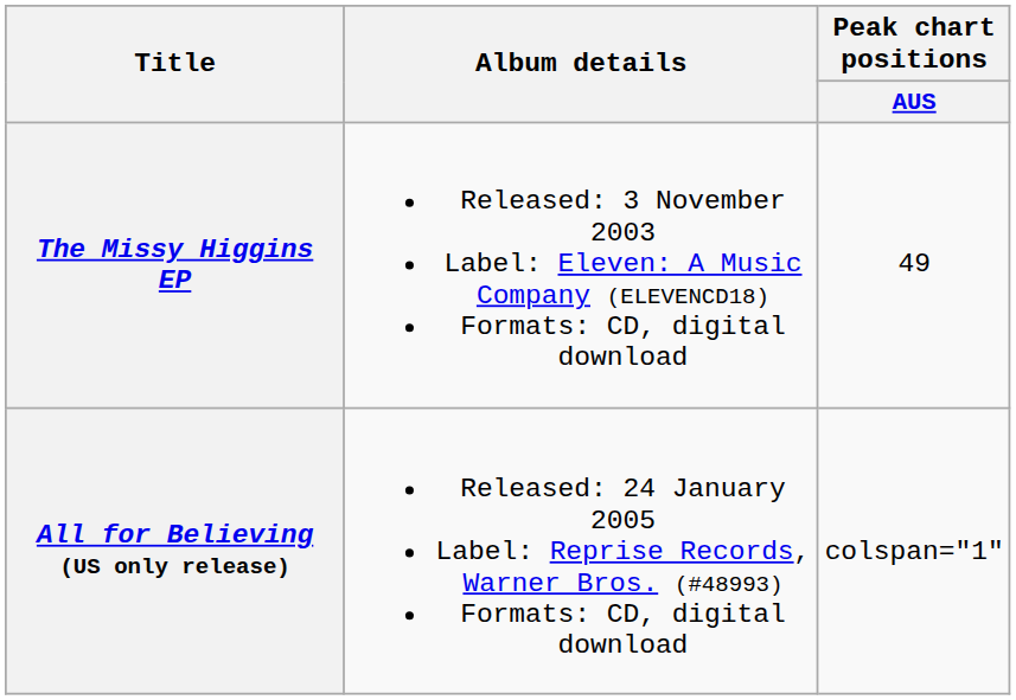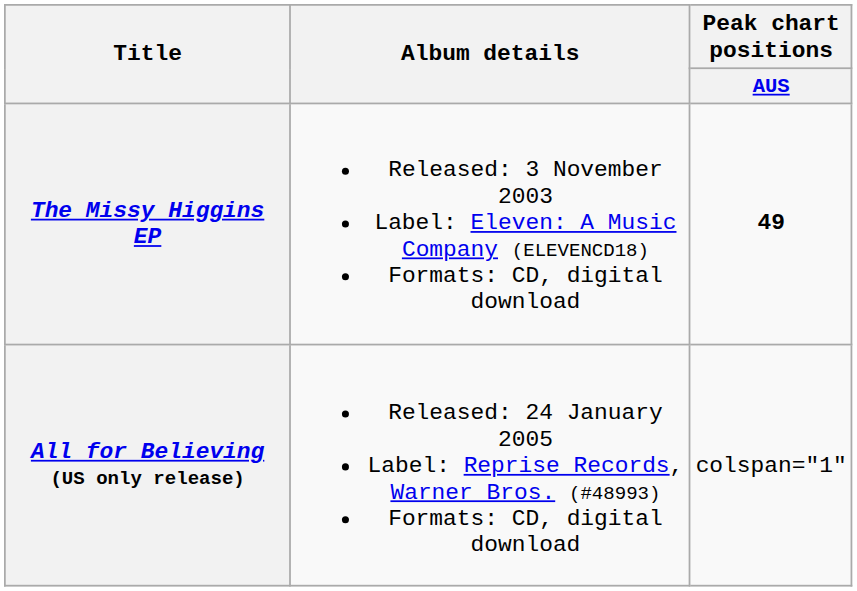 <table class="wikitable plainrowheaders" style="text-align:center;" border="1">
 <tr>
 <th scope="col" rowspan="2" style="width:12em;">Title</th>
 <th scope="col" rowspan="2" style="width:17em;">Album details</th>
 <th scope="col" colspan="1">Peak chart positions</th>
 </tr>
 <tr>
 <th scope="col" style="width:3em; font-size:90%;"><a href='#'>AUS</a><br></th>
 </tr>
 <tr>
 <th scope="row"><em><a href='#'>The Missy Higgins EP</a></em></th>
 <td><br><ul><li>Released: 3 November 2003</li><li>Label: <a href='#'>Eleven: A Music Company</a> <small>(ELEVENCD18)</small></li><li>Formats: CD, digital download</li></ul></td>
-<td>49</td>
+<td><strong>49</strong></td>
 </tr>
 <tr>
 <th scope="row"><em><a href='#'>All for Believing</a></em><br><small>(US only release)</small></th>
 <td><br><ul><li>Released: 24 January 2005</li><li>Label: <a href='#'>Reprise Records</a>, <a href='#'>Warner Bros.</a> <small>(#48993)</small></li><li>Formats: CD, digital download</li></ul></td>
 <td>colspan="1" </td>
 </tr>
 </table>
